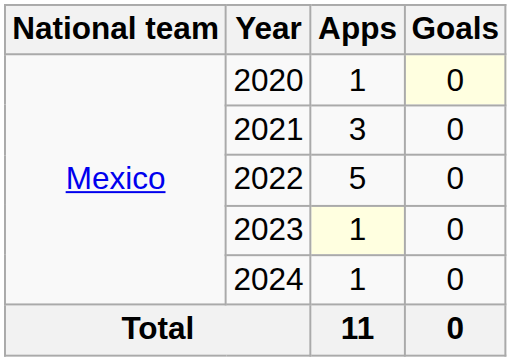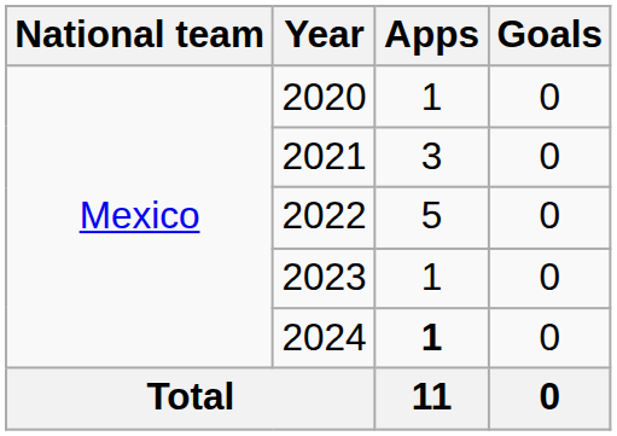 <table class="wikitable" style="text-align: center;">
 <tr>
 <th>National team</th>
 <th>Year</th>
 <th>Apps</th>
 <th>Goals</th>
 </tr>
 <tr>
 <td rowspan="5" valign="center"><a href='#'>Mexico</a></td>
 <td>2020</td>
 <td>1</td>
-<td style="background: lightyellow;">0</td>
+<td>0</td>
 </tr>
 <tr>
 <td>2021</td>
 <td>3</td>
 <td>0</td>
 </tr>
 <tr>
 <td>2022</td>
 <td>5</td>
 <td>0</td>
 </tr>
 <tr>
 <td>2023</td>
-<td style="background: lightyellow;">1</td>
+<td>1</td>
 <td>0</td>
 </tr>
 <tr>
 <td>2024</td>
-<td>1</td>
+<td><strong>1</strong></td>
 <td>0</td>
 </tr>
 <tr>
 <th colspan="2">Total</th>
 <th>11</th>
 <th>0</th>
 </tr>
 </table>
